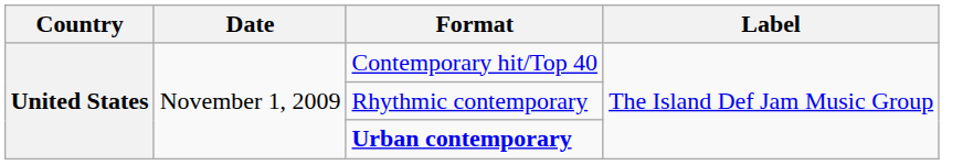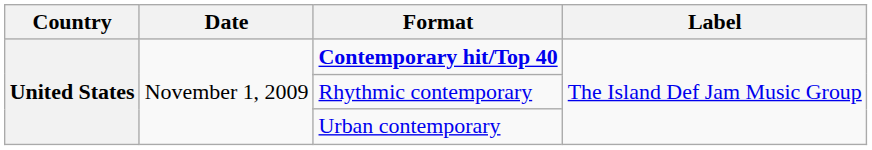 <table class="wikitable plainrowheaders">
 <tr>
 <th scope="col">Country</th>
 <th scope="col">Date</th>
 <th scope="col">Format</th>
 <th scope="col">Label</th>
 </tr>
 <tr>
 <th scope="row" rowspan="3">United States</th>
 <td rowspan="3">November 1, 2009</td>
-<td><a href='#'>Contemporary hit/Top 40</a></td>
+<td><strong><a href='#'>Contemporary hit/Top 40</a></strong></td>
 <td rowspan="3"><a href='#'>The Island Def Jam Music Group</a></td>
 </tr>
 <tr>
 <td><a href='#'>Rhythmic contemporary</a></td>
 </tr>
 <tr>
-<td><strong><a href='#'>Urban contemporary</a></strong></td>
+<td><a href='#'>Urban contemporary</a></td>
 </tr>
 </table>
